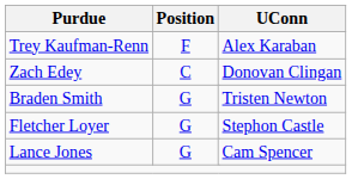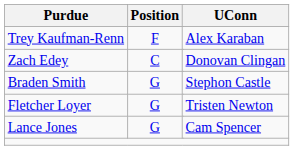 <table class="wikitable">
 <tr>
 <th>Purdue</th>
 <th colspan="2">Position</th>
 <th>UConn</th>
 </tr>
 <tr>
 <td><a href='#'>Trey Kaufman-Renn</a></td>
 <td colspan=2 style="text-align:center"><a href='#'>F</a></td>
 <td><a href='#'>Alex Karaban</a></td>
 </tr>
 <tr>
 <td><a href='#'>Zach Edey</a></td>
 <td colspan=2 style="text-align:center"><a href='#'>C</a></td>
 <td><a href='#'>Donovan Clingan</a></td>
 </tr>
 <tr>
 <td><a href='#'>Braden Smith</a></td>
 <td colspan=2 style="text-align:center"><a href='#'>G</a></td>
-<td><a href='#'>Tristen Newton</a></td>
+<td><a href='#'>Stephon Castle</a></td>
 </tr>
 <tr>
 <td><a href='#'>Fletcher Loyer</a></td>
 <td colspan=2 style="text-align:center"><a href='#'>G</a></td>
-<td><a href='#'>Stephon Castle</a></td>
+<td><a href='#'>Tristen Newton</a></td>
 </tr>
 <tr>
 <td><a href='#'>Lance Jones</a></td>
 <td colspan=2 style="text-align:center"><a href='#'>G</a></td>
 <td><a href='#'>Cam Spencer</a></td>
 </tr>
 <tr>
 <td colspan="5" align=center></td>
 </tr>
 </table>
